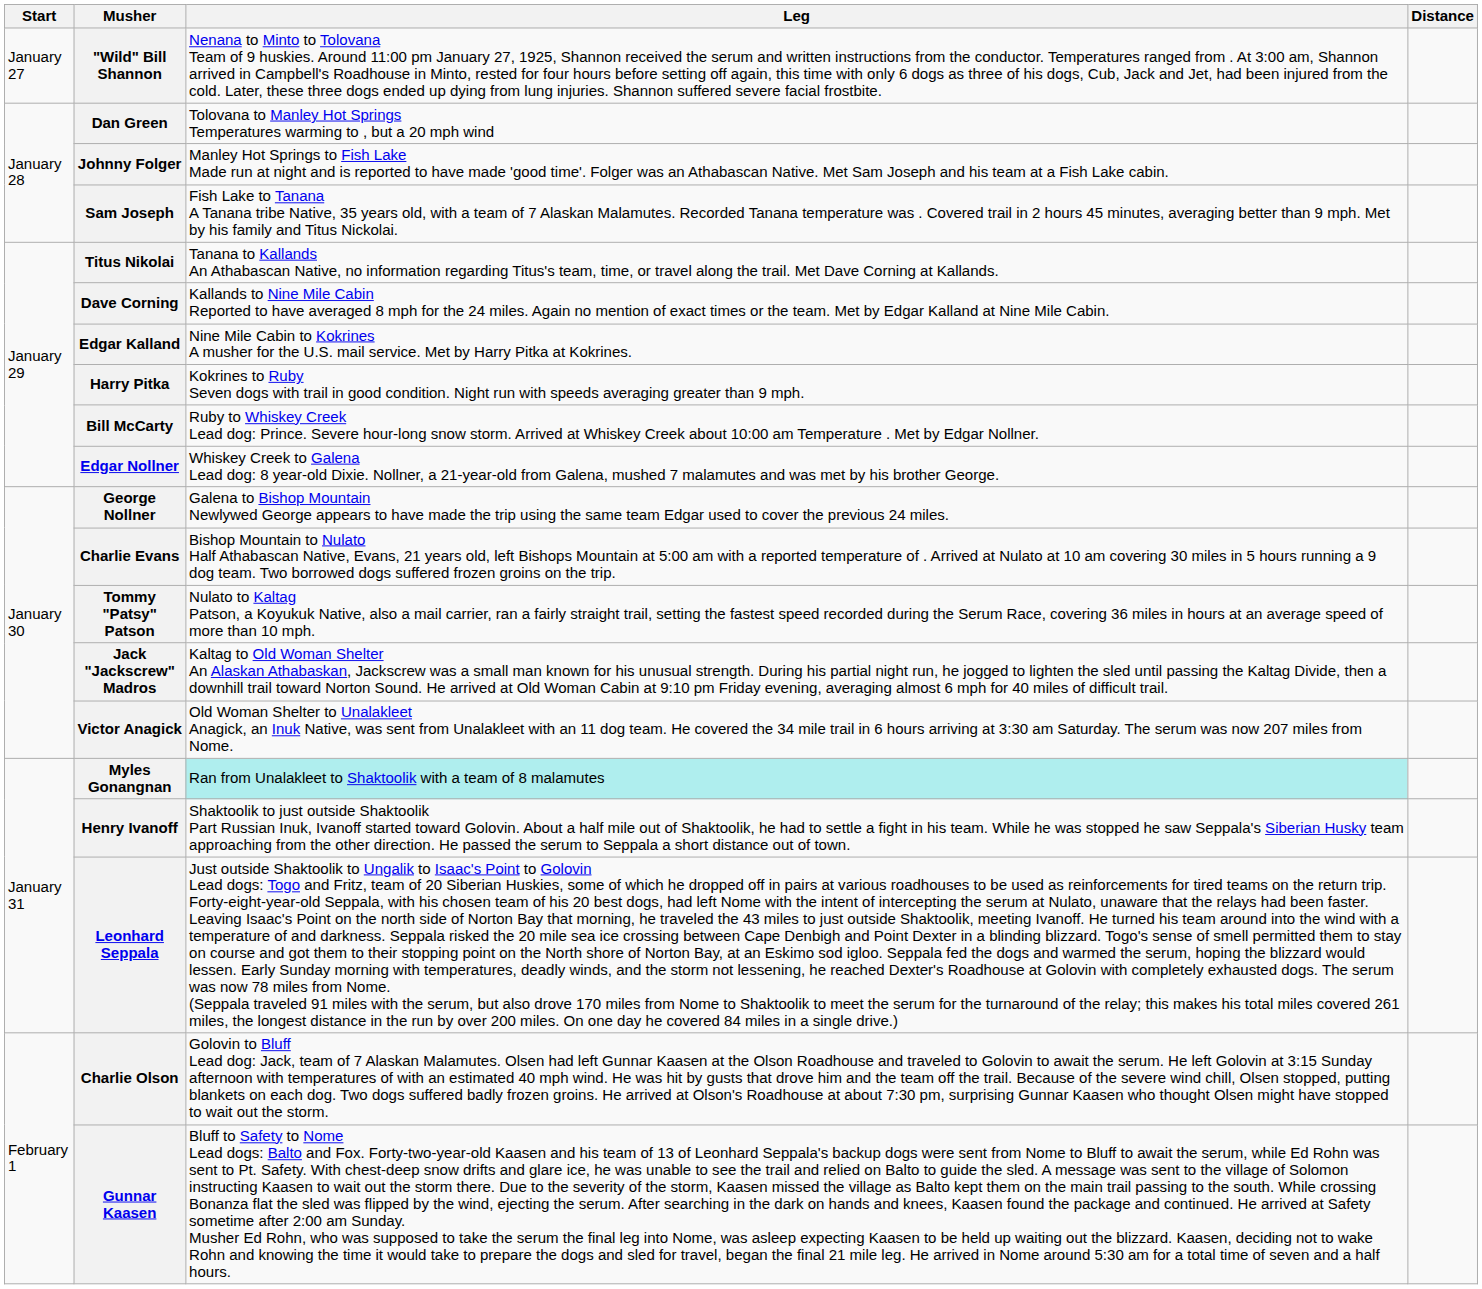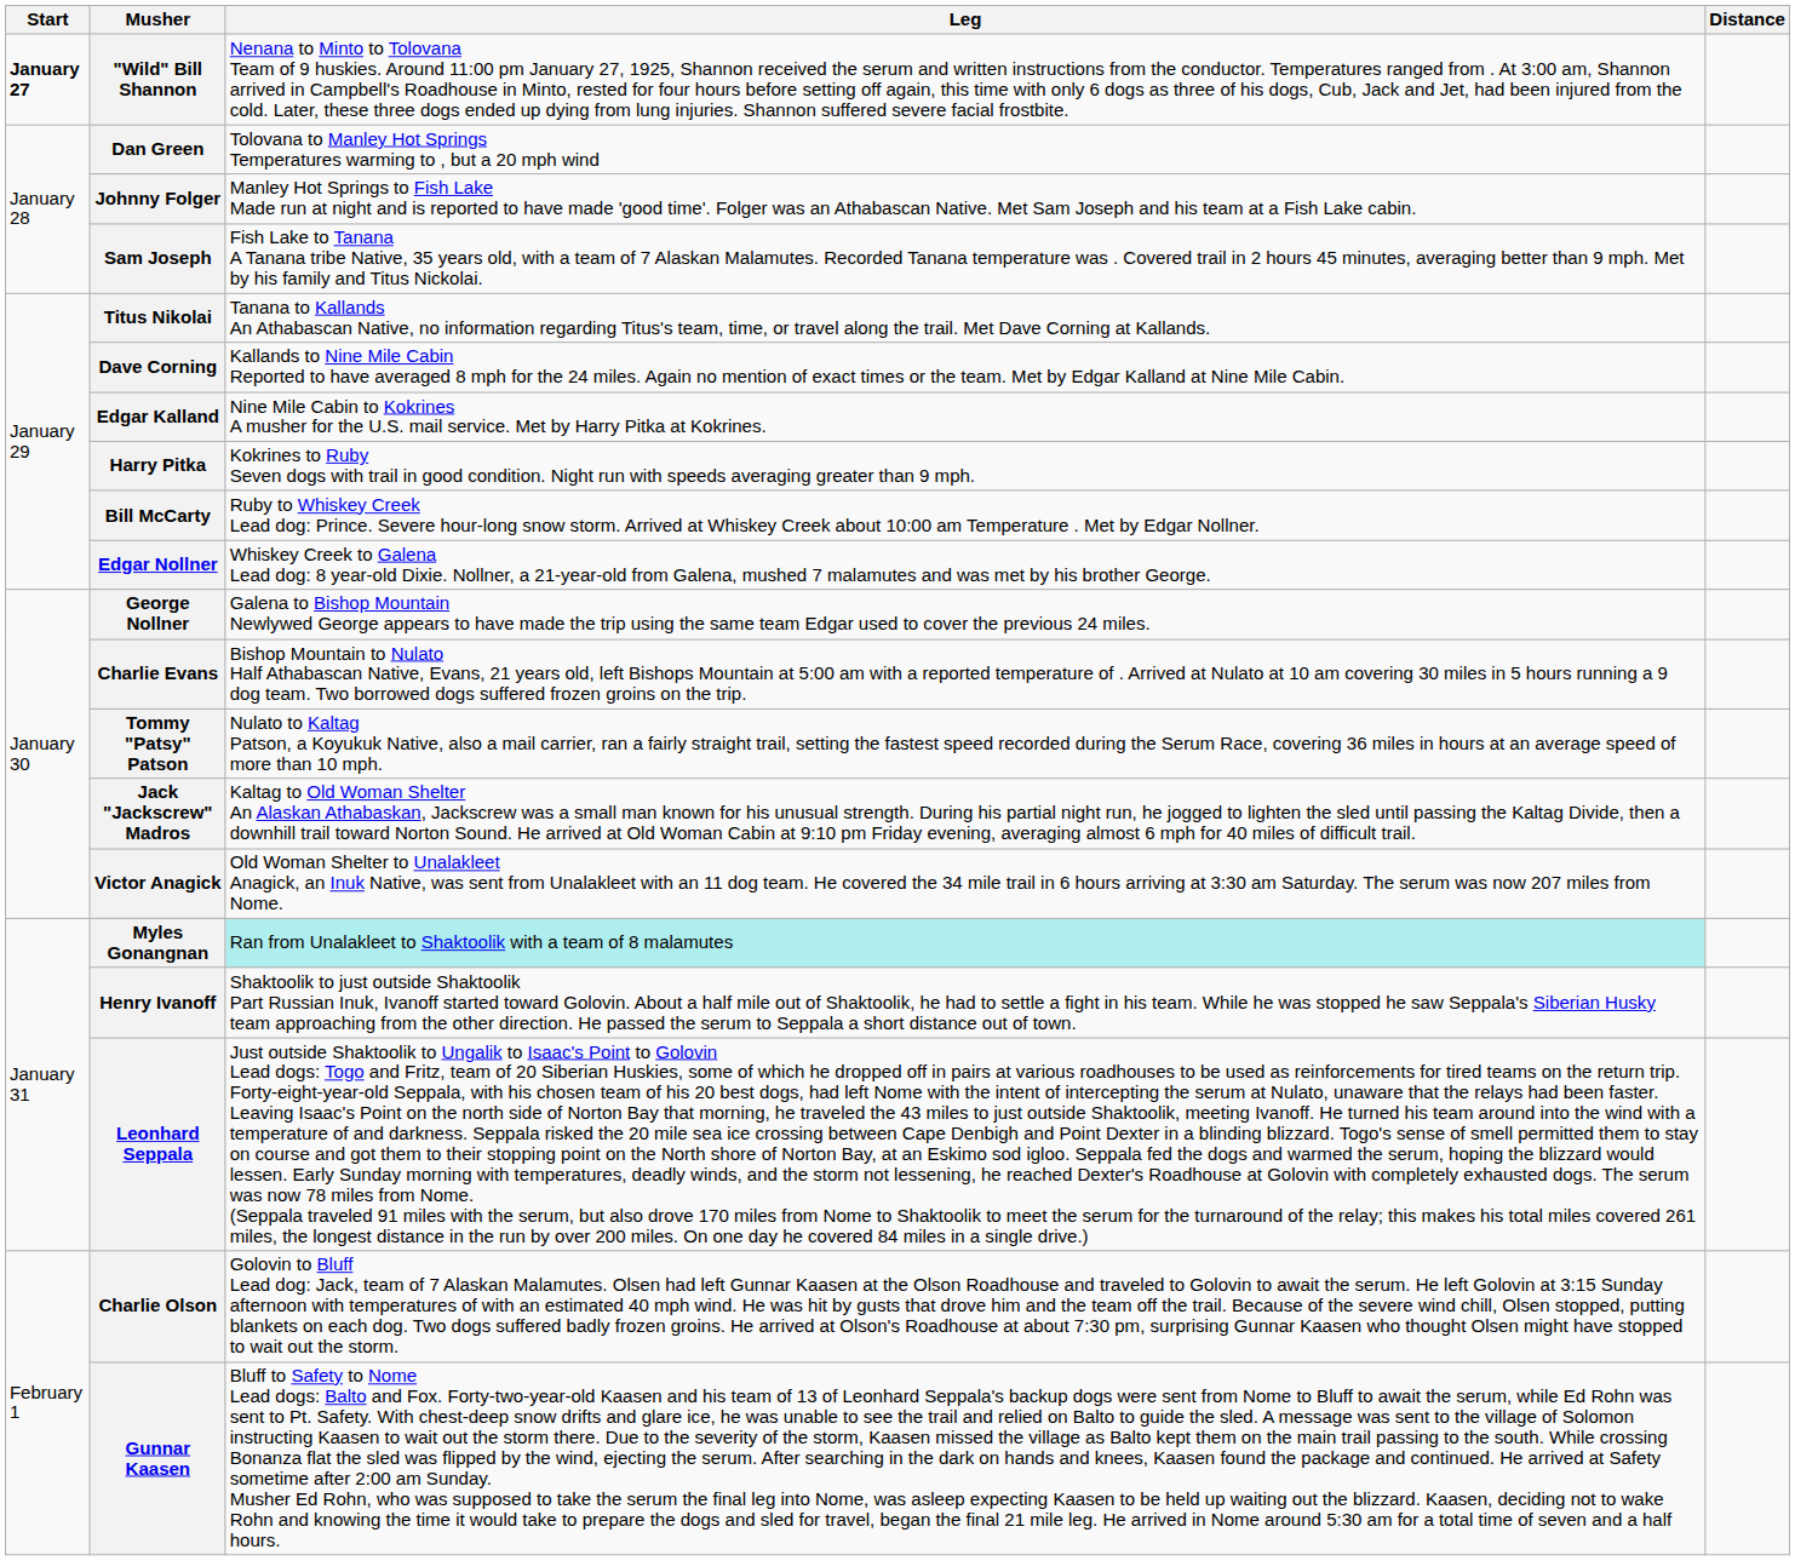 <table class="wikitable">
 <tr>
 <th>Start</th>
 <th>Musher</th>
 <th>Leg</th>
 <th>Distance</th>
 </tr>
 <tr>
-<td>January 27</td>
+<td><strong>January 27</strong></td>
 <th>"Wild" Bill Shannon</th>
 <td><a href='#'>Nenana</a> to <a href='#'>Minto</a> to <a href='#'>Tolovana</a><br>Team of 9 huskies. Around 11:00 pm January 27, 1925, Shannon received the serum and written instructions from the conductor. Temperatures ranged from . At 3:00 am, Shannon arrived in Campbell's Roadhouse in Minto, rested for four hours before setting off again, this time with only 6 dogs as three of his dogs, Cub, Jack and Jet, had been injured from the cold. Later, these three dogs ended up dying from lung injuries. Shannon suffered severe facial frostbite.</td>
 <td></td>
 </tr>
 <tr>
 <td rowspan="3">January 28</td>
 <th>Dan Green</th>
 <td>Tolovana to <a href='#'>Manley Hot Springs</a><br>Temperatures warming to , but a 20 mph wind</td>
 <td></td>
 </tr>
 <tr>
 <th>Johnny Folger</th>
 <td>Manley Hot Springs to <a href='#'>Fish Lake</a><br>Made run at night and is reported to have made 'good time'. Folger was an Athabascan Native. Met Sam Joseph and his team at a Fish Lake cabin.</td>
 <td></td>
 </tr>
 <tr>
 <th>Sam Joseph</th>
 <td>Fish Lake to <a href='#'>Tanana</a><br>A Tanana tribe Native, 35 years old, with a team of 7 Alaskan Malamutes. Recorded Tanana temperature was . Covered trail in 2 hours 45 minutes, averaging better than 9 mph. Met by his family and Titus Nickolai.</td>
 <td></td>
 </tr>
 <tr>
 <td rowspan="6">January 29</td>
 <th>Titus Nikolai</th>
 <td>Tanana to <a href='#'>Kallands</a><br>An Athabascan Native, no information regarding Titus's team, time, or travel along the trail. Met Dave Corning at Kallands.</td>
 <td></td>
 </tr>
 <tr>
 <th>Dave Corning</th>
 <td>Kallands to <a href='#'>Nine Mile Cabin</a><br>Reported to have averaged 8 mph for the 24 miles. Again no mention of exact times or the team. Met by Edgar Kalland at Nine Mile Cabin.</td>
 <td></td>
 </tr>
 <tr>
 <th>Edgar Kalland</th>
 <td>Nine Mile Cabin to <a href='#'>Kokrines</a><br>A musher for the U.S. mail service. Met by Harry Pitka at Kokrines.</td>
 <td></td>
 </tr>
 <tr>
 <th>Harry Pitka</th>
 <td>Kokrines to <a href='#'>Ruby</a><br>Seven dogs with trail in good condition. Night run with speeds averaging greater than 9 mph.</td>
 <td></td>
 </tr>
 <tr>
 <th>Bill McCarty</th>
 <td>Ruby to <a href='#'>Whiskey Creek</a><br>Lead dog: Prince. Severe hour-long snow storm. Arrived at Whiskey Creek about 10:00 am Temperature . Met by Edgar Nollner.</td>
 <td></td>
 </tr>
 <tr>
 <th><a href='#'>Edgar Nollner</a></th>
 <td>Whiskey Creek to <a href='#'>Galena</a><br>Lead dog: 8 year-old Dixie. Nollner, a 21-year-old from Galena, mushed 7 malamutes and was met by his brother George.</td>
 <td></td>
 </tr>
 <tr>
 <td rowspan="5">January 30</td>
 <th>George Nollner</th>
 <td>Galena to <a href='#'>Bishop Mountain</a><br>Newlywed George appears to have made the trip using the same team Edgar used to cover the previous 24 miles.</td>
 <td></td>
 </tr>
 <tr>
 <th>Charlie Evans</th>
 <td>Bishop Mountain to <a href='#'>Nulato</a><br>Half Athabascan Native, Evans, 21 years old, left Bishops Mountain at 5:00 am with a reported temperature of . Arrived at Nulato at 10 am covering 30 miles in 5 hours running a 9 dog team. Two borrowed dogs suffered frozen groins on the trip.</td>
 <td></td>
 </tr>
 <tr>
 <th>Tommy "Patsy" Patson</th>
 <td>Nulato to <a href='#'>Kaltag</a><br>Patson, a Koyukuk Native, also a mail carrier, ran a fairly straight trail, setting the fastest speed recorded during the Serum Race, covering 36 miles in  hours at an average speed of more than 10 mph.</td>
 <td></td>
 </tr>
 <tr>
 <th>Jack "Jackscrew" Madros</th>
 <td>Kaltag to <a href='#'>Old Woman Shelter</a><br>An <a href='#'>Alaskan Athabaskan</a>, Jackscrew was a small man known for his unusual strength. During his partial night run, he jogged to lighten the sled until passing the Kaltag Divide, then a downhill trail toward Norton Sound. He arrived at Old Woman Cabin at 9:10 pm Friday evening, averaging almost 6 mph for 40 miles of difficult trail.</td>
 <td></td>
 </tr>
 <tr>
 <th>Victor Anagick</th>
 <td>Old Woman Shelter to <a href='#'>Unalakleet</a><br>Anagick, an <a href='#'>Inuk</a> Native, was sent from Unalakleet with an 11 dog team. He covered the 34 mile trail in 6 hours arriving at 3:30 am Saturday. The serum was now 207 miles from Nome.</td>
 <td></td>
 </tr>
 <tr>
 <td rowspan="3">January 31</td>
 <th>Myles Gonangnan</th>
 <td style="background: paleturquoise;">Ran from Unalakleet to <a href='#'>Shaktoolik</a> with a team of 8 malamutes</td>
 <td></td>
 </tr>
 <tr>
 <th>Henry Ivanoff</th>
 <td>Shaktoolik to just outside Shaktoolik<br>Part Russian Inuk, Ivanoff started toward Golovin. About a half mile out of Shaktoolik, he had to settle a fight in his team. While he was stopped he saw Seppala's <a href='#'>Siberian Husky</a> team approaching from the other direction. He passed the serum to Seppala a short distance out of town.</td>
 <td></td>
 </tr>
 <tr>
 <th><a href='#'>Leonhard Seppala</a></th>
 <td>Just outside Shaktoolik to <a href='#'>Ungalik</a> to <a href='#'>Isaac's Point</a> to <a href='#'>Golovin</a><br>Lead dogs: <a href='#'>Togo</a> and Fritz, team of 20 Siberian Huskies, some of which he dropped off in pairs at various roadhouses to be used as reinforcements for tired teams on the return trip. Forty-eight-year-old Seppala, with his chosen team of his 20 best dogs, had left Nome with the intent of intercepting the serum at Nulato, unaware that the relays had been faster. Leaving Isaac's Point on the north side of Norton Bay that morning, he traveled the 43 miles to just outside Shaktoolik, meeting Ivanoff. He turned his team around into the wind with a temperature of  and darkness. Seppala risked the 20 mile sea ice crossing between Cape Denbigh and Point Dexter in a blinding blizzard. Togo's sense of smell permitted them to stay on course and got them to their stopping point on the North shore of Norton Bay, at an Eskimo sod igloo. Seppala fed the dogs and warmed the serum, hoping the blizzard would lessen. Early Sunday morning with  temperatures, deadly winds, and the storm not lessening, he reached Dexter's Roadhouse at Golovin with completely exhausted dogs. The serum was now 78 miles from Nome.<br>(Seppala traveled 91 miles with the serum, but also drove 170 miles from Nome to Shaktoolik to meet the serum for the turnaround of the relay; this makes his total miles covered 261 miles, the longest distance in the run by over 200 miles. On one day he covered 84 miles in a single drive.)</td>
 <td></td>
 </tr>
 <tr>
 <td rowspan="2">February 1</td>
 <th>Charlie Olson</th>
 <td>Golovin to <a href='#'>Bluff</a><br>Lead dog: Jack, team of 7 Alaskan Malamutes. Olsen had left Gunnar Kaasen at the Olson Roadhouse and traveled to Golovin to await the serum. He left Golovin at 3:15 Sunday afternoon with temperatures of  with an estimated 40 mph wind. He was hit by gusts that drove him and the team off the trail. Because of the severe wind chill, Olsen stopped, putting blankets on each dog. Two dogs suffered badly frozen groins. He arrived at Olson's Roadhouse at about 7:30 pm, surprising Gunnar Kaasen who thought Olsen might have stopped to wait out the storm.</td>
 <td></td>
 </tr>
 <tr>
 <th><a href='#'>Gunnar Kaasen</a></th>
 <td>Bluff to <a href='#'>Safety</a> to <a href='#'>Nome</a><br>Lead dogs: <a href='#'>Balto</a> and Fox. Forty-two-year-old Kaasen and his team of 13 of Leonhard Seppala's backup dogs were sent from Nome to Bluff to await the serum, while Ed Rohn was sent to Pt. Safety. With chest-deep snow drifts and glare ice, he was unable to see the trail and relied on Balto to guide the sled. A message was sent to the village of Solomon instructing Kaasen to wait out the storm there. Due to the severity of the storm, Kaasen missed the village as Balto kept them on the main trail passing to the south. While crossing Bonanza flat the sled was flipped by the wind, ejecting the serum. After searching in the dark on hands and knees, Kaasen found the package and continued. He arrived at Safety sometime after 2:00 am Sunday.<br>Musher Ed Rohn, who was supposed to take the serum the final leg into Nome, was asleep expecting Kaasen to be held up waiting out the blizzard. Kaasen, deciding not to wake Rohn and knowing the time it would take to prepare the dogs and sled for travel, began the final 21 mile leg. He arrived in Nome around 5:30 am for a total time of seven and a half hours.</td>
 <td></td>
 </tr>
 </table>
